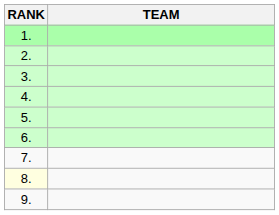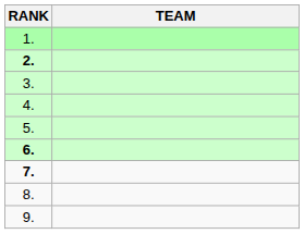 <table class="wikitable" style="border-collapse: collapse; font-size: 90%;">
 <tr>
 <th>RANK</th>
 <th align="left" style="width: 17em">TEAM</th>
 </tr>
 <tr bgcolor=#AAFFAA>
 <td align="center">1.</td>
 <td></td>
 </tr>
 <tr bgcolor=#CCFFCC>
-<td align="center">2.</td>
+<td align="center"><strong>2.</strong></td>
 <td></td>
 </tr>
 <tr bgcolor=#CCFFCC>
 <td align="center">3.</td>
 <td></td>
 </tr>
 <tr bgcolor=#CCFFCC>
 <td align="center">4.</td>
 <td></td>
 </tr>
 <tr bgcolor=#CCFFCC>
 <td align="center">5.</td>
 <td></td>
 </tr>
 <tr bgcolor=#CCFFCC>
-<td align="center">6.</td>
+<td align="center"><strong>6.</strong></td>
 <td></td>
 </tr>
 <tr>
-<td align="center">7.</td>
+<td align="center"><strong>7.</strong></td>
 <td></td>
 </tr>
 <tr>
-<td align="center" style="background: lightyellow;">8.</td>
+<td align="center">8.</td>
 <td></td>
 </tr>
 <tr>
 <td align="center">9.</td>
 <td></td>
 </tr>
 </table>
